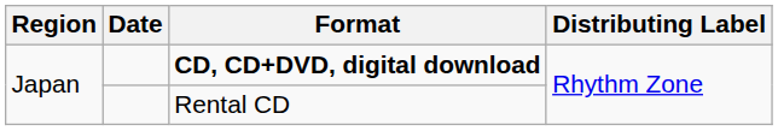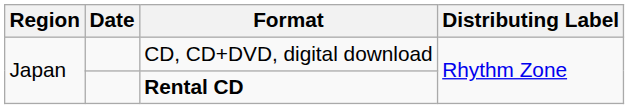 <table class="wikitable">
 <tr>
 <th>Region</th>
 <th>Date</th>
 <th>Format</th>
 <th>Distributing Label</th>
 </tr>
 <tr>
 <td rowspan="2">Japan</td>
 <td></td>
-<td><strong>CD, CD+DVD, digital download</strong></td>
+<td>CD, CD+DVD, digital download</td>
 <td rowspan="2"><a href='#'>Rhythm Zone</a></td>
 </tr>
 <tr>
 <td></td>
-<td>Rental CD</td>
+<td><strong>Rental CD</strong></td>
 </tr>
 </table>
